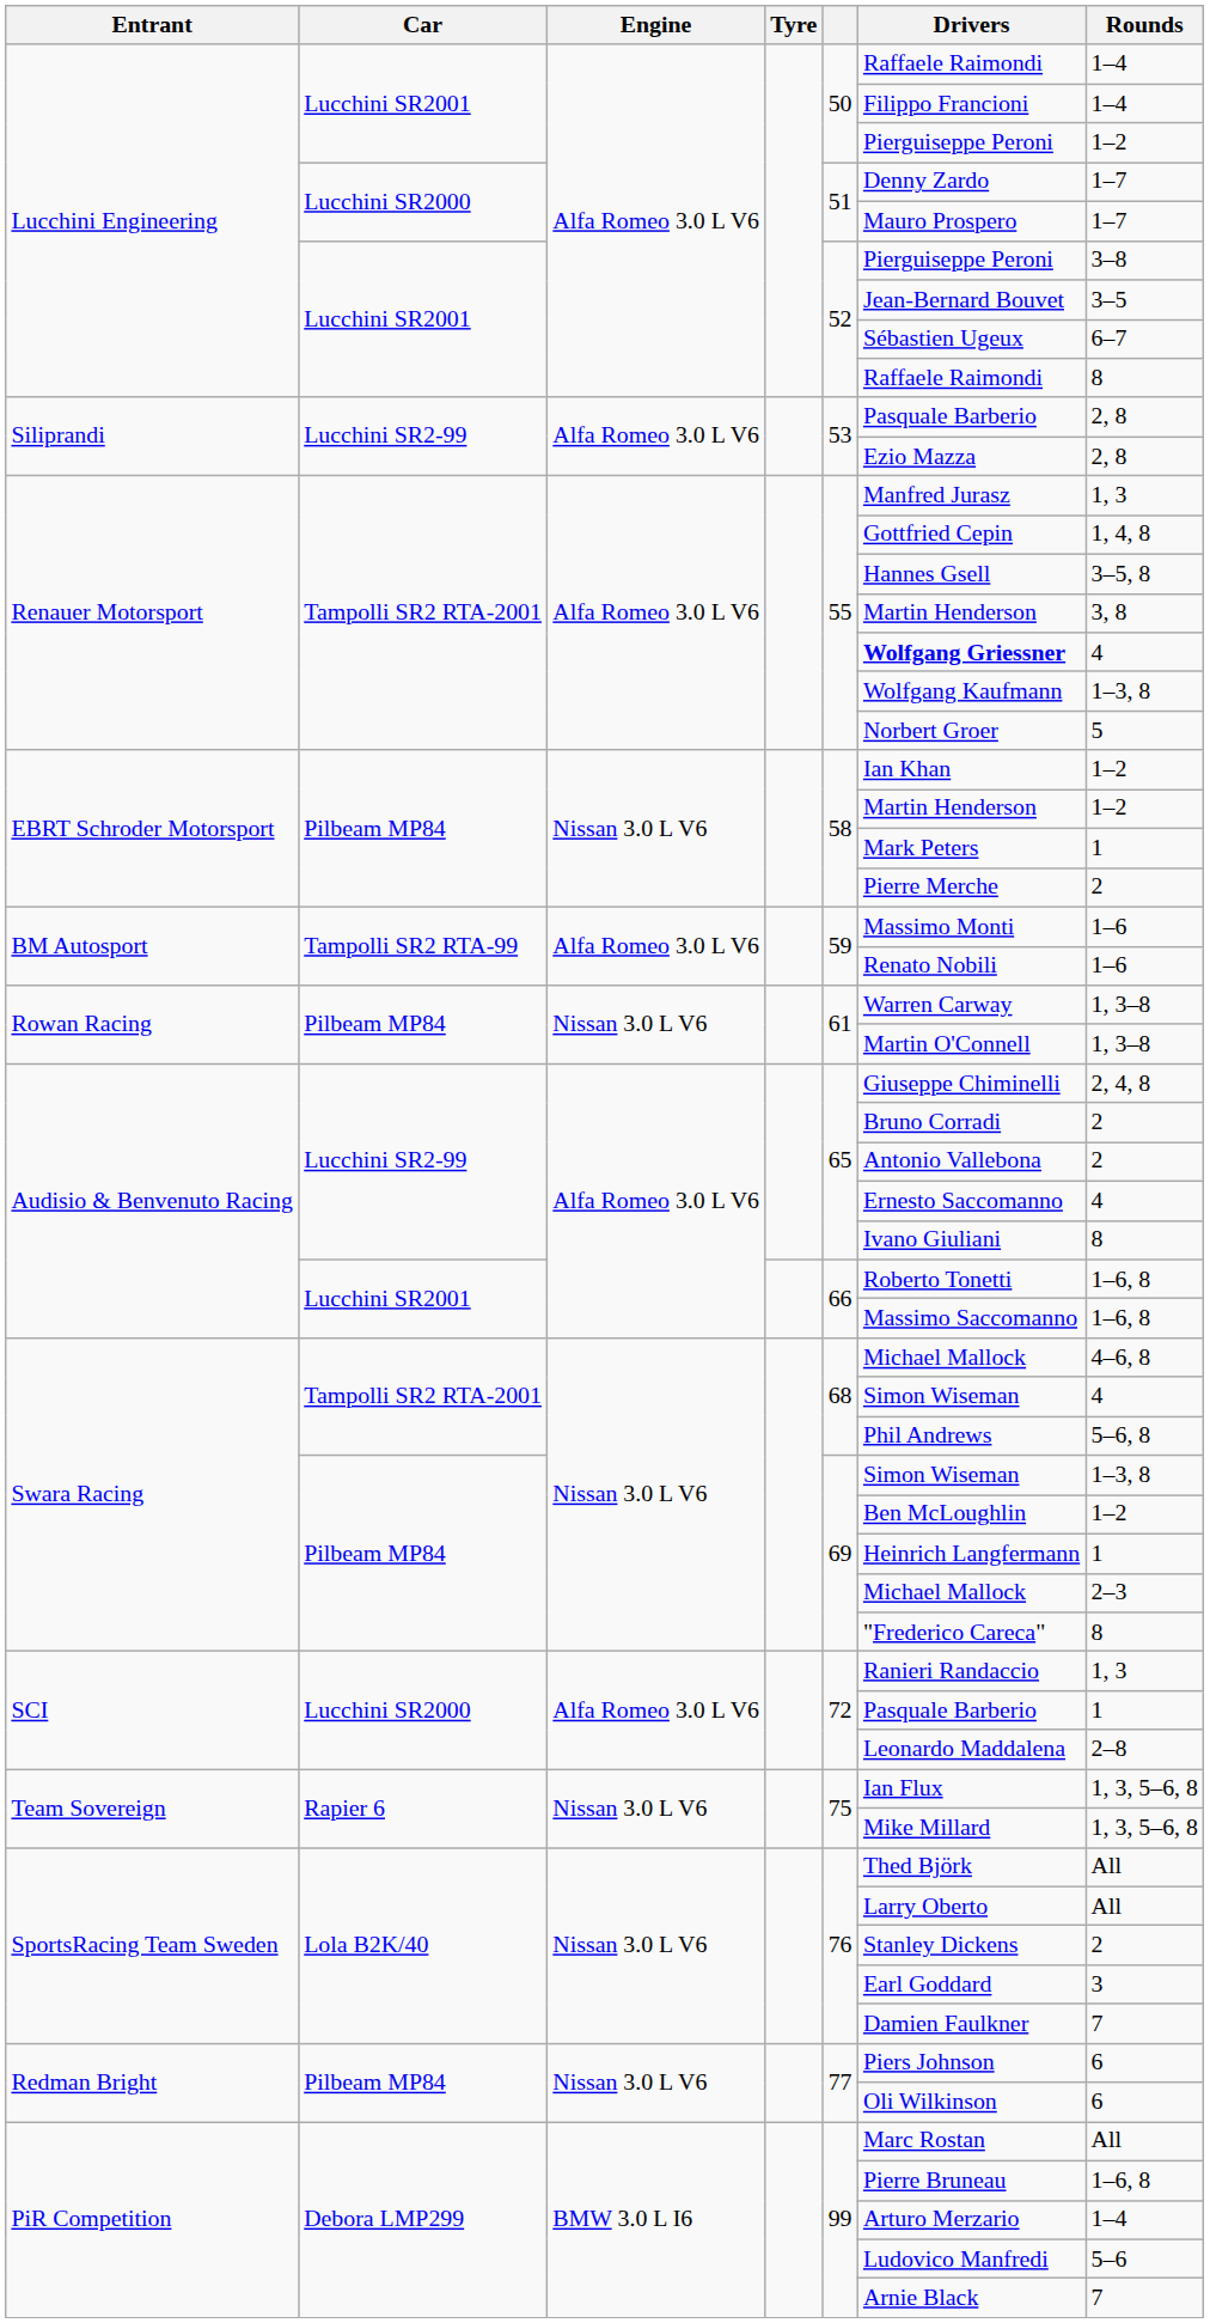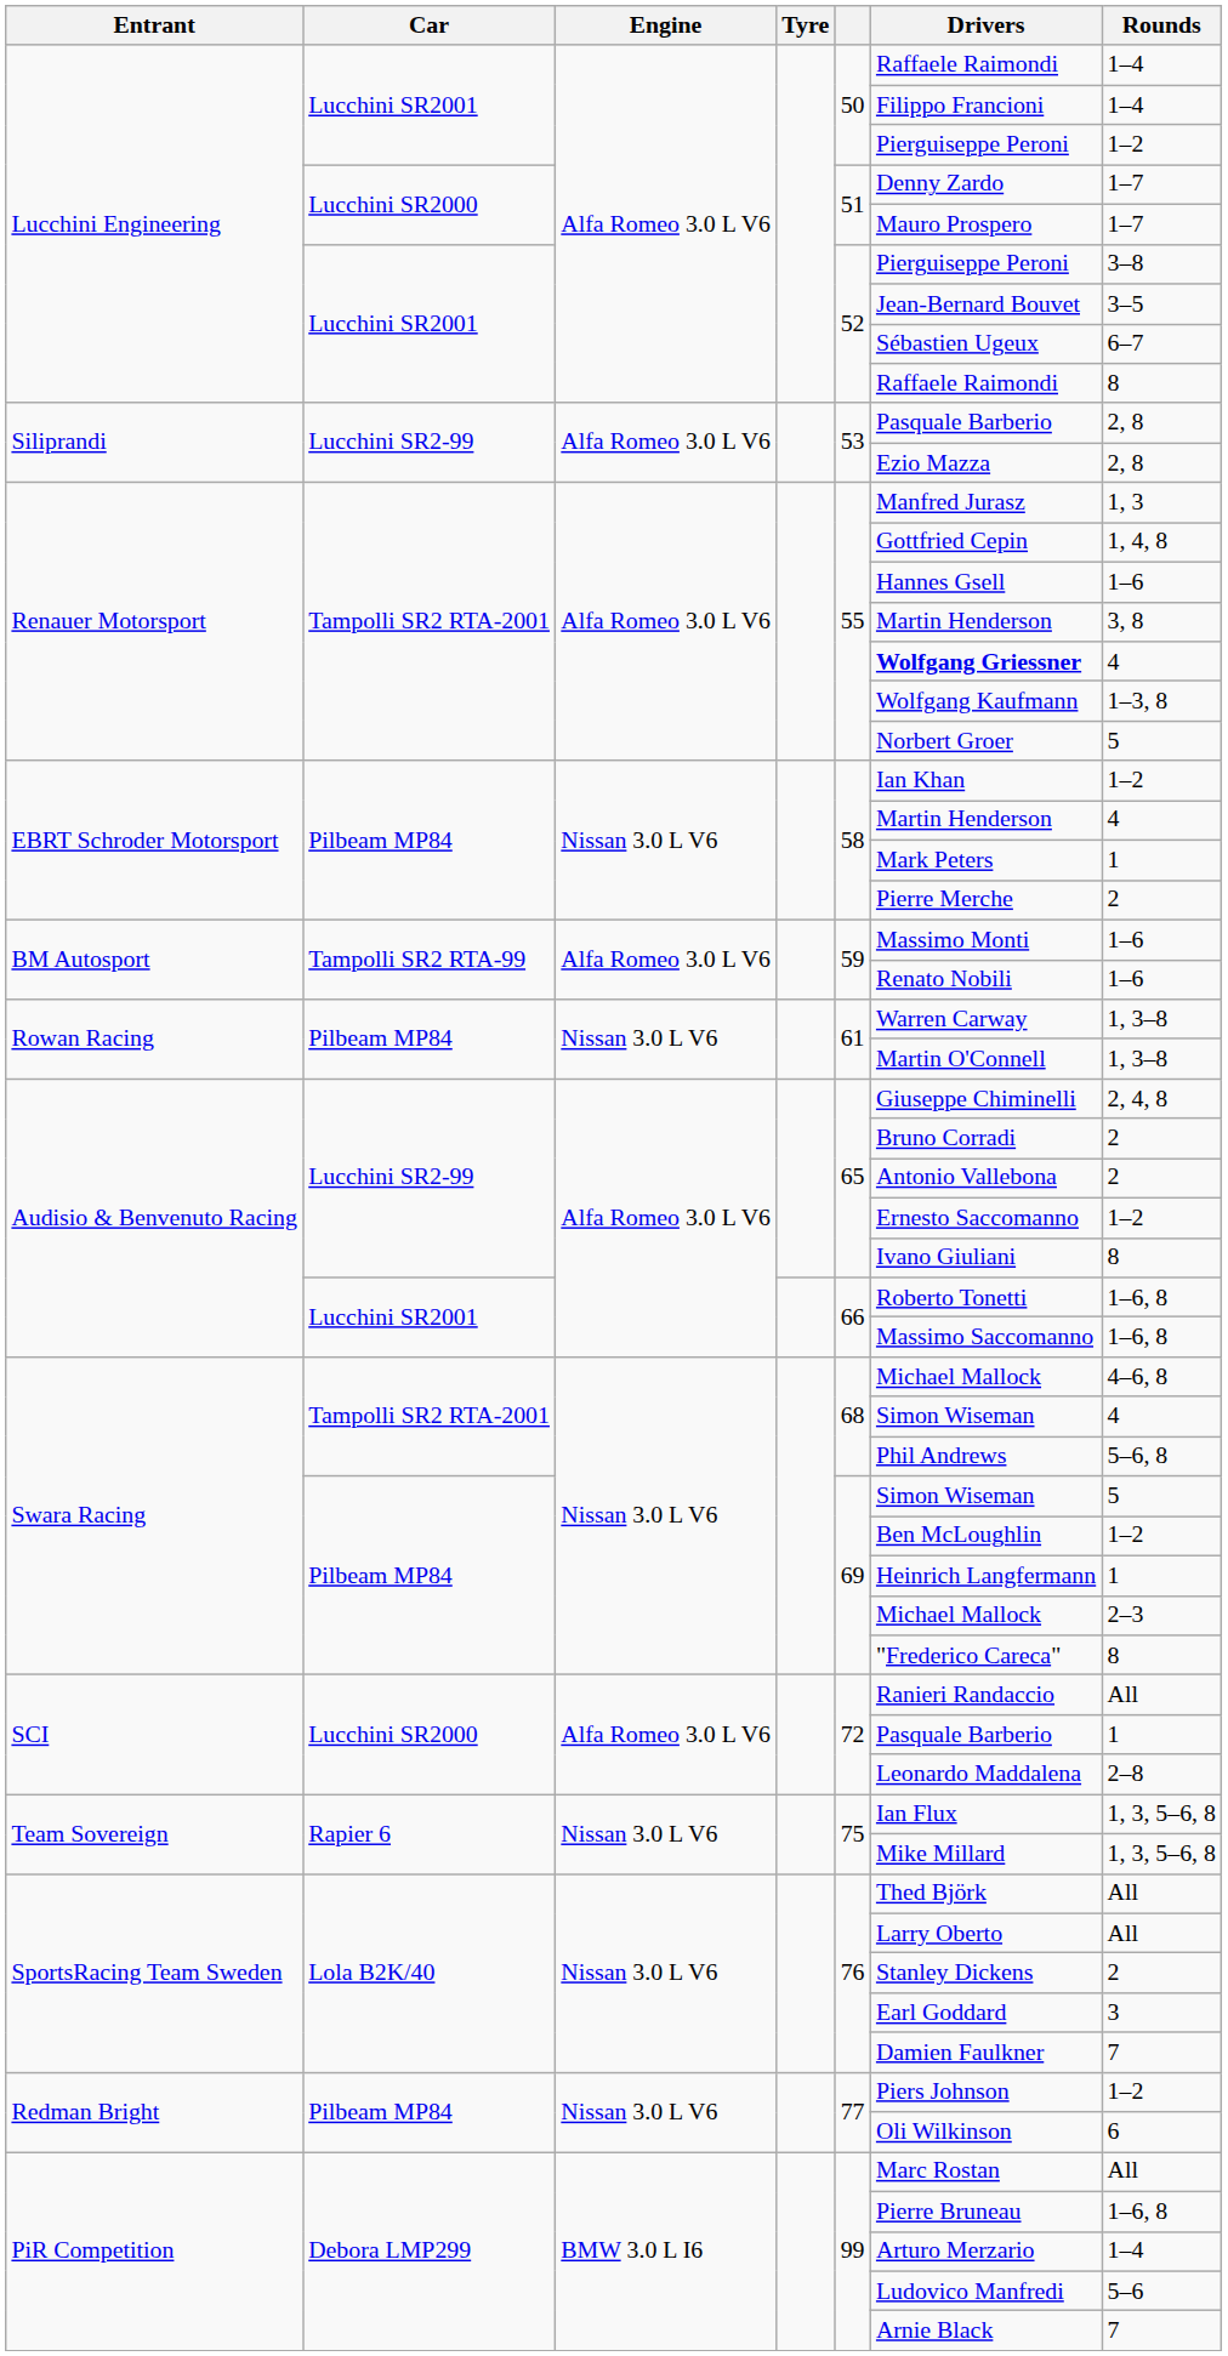 <table class="wikitable" style="font-size: 85%">
 <tr>
 <th>Entrant</th>
 <th>Car</th>
 <th>Engine</th>
 <th>Tyre</th>
 <th></th>
 <th>Drivers</th>
 <th>Rounds</th>
 </tr>
 <tr>
 <td rowspan=9> <a href='#'>Lucchini Engineering</a></td>
 <td rowspan=3><a href='#'>Lucchini SR2001</a></td>
 <td rowspan=9><a href='#'>Alfa Romeo</a> 3.0 L V6</td>
 <td rowspan=9></td>
 <td rowspan=3>50</td>
 <td> <a href='#'>Raffaele Raimondi</a></td>
 <td>1–4</td>
 </tr>
 <tr>
 <td> <a href='#'>Filippo Francioni</a></td>
 <td>1–4</td>
 </tr>
 <tr>
 <td> <a href='#'>Pierguiseppe Peroni</a></td>
 <td>1–2</td>
 </tr>
 <tr>
 <td rowspan=2><a href='#'>Lucchini SR2000</a></td>
 <td rowspan=2>51</td>
 <td> <a href='#'>Denny Zardo</a></td>
 <td>1–7</td>
 </tr>
 <tr>
 <td> <a href='#'>Mauro Prospero</a></td>
 <td>1–7</td>
 </tr>
 <tr>
 <td rowspan=4><a href='#'>Lucchini SR2001</a></td>
 <td rowspan=4>52</td>
 <td> <a href='#'>Pierguiseppe Peroni</a></td>
 <td>3–8</td>
 </tr>
 <tr>
 <td> <a href='#'>Jean-Bernard Bouvet</a></td>
 <td>3–5</td>
 </tr>
 <tr>
 <td> <a href='#'>Sébastien Ugeux</a></td>
 <td>6–7</td>
 </tr>
 <tr>
 <td> <a href='#'>Raffaele Raimondi</a></td>
 <td>8</td>
 </tr>
 <tr>
 <td rowspan=2> <a href='#'>Siliprandi</a></td>
 <td rowspan=2><a href='#'>Lucchini SR2-99</a></td>
 <td rowspan=2><a href='#'>Alfa Romeo</a> 3.0 L V6</td>
 <td rowspan=2></td>
 <td rowspan=2>53</td>
 <td> <a href='#'>Pasquale Barberio</a></td>
 <td>2, 8</td>
 </tr>
 <tr>
 <td> <a href='#'>Ezio Mazza</a></td>
 <td>2, 8</td>
 </tr>
 <tr>
 <td rowspan=7> <a href='#'>Renauer Motorsport</a></td>
 <td rowspan=7><a href='#'>Tampolli SR2 RTA-2001</a></td>
 <td rowspan=7><a href='#'>Alfa Romeo</a> 3.0 L V6</td>
 <td rowspan=7></td>
 <td rowspan=7>55</td>
 <td> <a href='#'>Manfred Jurasz</a></td>
 <td>1, 3</td>
 </tr>
 <tr>
 <td> <a href='#'>Gottfried Cepin</a></td>
 <td>1, 4, 8</td>
 </tr>
 <tr>
 <td> <a href='#'>Hannes Gsell</a></td>
-<td>3–5, 8</td>
+<td>1–6</td>
 </tr>
 <tr>
 <td> <a href='#'>Martin Henderson</a></td>
 <td>3, 8</td>
 </tr>
 <tr>
 <td><strong> <a href='#'>Wolfgang Griessner</a></strong></td>
 <td>4</td>
 </tr>
 <tr>
 <td> <a href='#'>Wolfgang Kaufmann</a></td>
 <td>1–3, 8</td>
 </tr>
 <tr>
 <td> <a href='#'>Norbert Groer</a></td>
 <td>5</td>
 </tr>
 <tr>
 <td rowspan=4> <a href='#'>EBRT Schroder Motorsport</a></td>
 <td rowspan=4><a href='#'>Pilbeam MP84</a></td>
 <td rowspan=4><a href='#'>Nissan</a> 3.0 L V6</td>
 <td rowspan=4></td>
 <td rowspan=4>58</td>
 <td> <a href='#'>Ian Khan</a></td>
 <td>1–2</td>
 </tr>
 <tr>
 <td> <a href='#'>Martin Henderson</a></td>
-<td>1–2</td>
+<td>4</td>
 </tr>
 <tr>
 <td> <a href='#'>Mark Peters</a></td>
 <td>1</td>
 </tr>
 <tr>
 <td> <a href='#'>Pierre Merche</a></td>
 <td>2</td>
 </tr>
 <tr>
 <td rowspan=2> <a href='#'>BM Autosport</a></td>
 <td rowspan=2><a href='#'>Tampolli SR2 RTA-99</a></td>
 <td rowspan=2><a href='#'>Alfa Romeo</a> 3.0 L V6</td>
 <td rowspan=2></td>
 <td rowspan=2>59</td>
 <td> <a href='#'>Massimo Monti</a></td>
 <td>1–6</td>
 </tr>
 <tr>
 <td> <a href='#'>Renato Nobili</a></td>
 <td>1–6</td>
 </tr>
 <tr>
 <td rowspan=2> <a href='#'>Rowan Racing</a></td>
 <td rowspan=2><a href='#'>Pilbeam MP84</a></td>
 <td rowspan=2><a href='#'>Nissan</a> 3.0 L V6</td>
 <td rowspan=2></td>
 <td rowspan=2>61</td>
 <td> <a href='#'>Warren Carway</a></td>
 <td>1, 3–8</td>
 </tr>
 <tr>
 <td> <a href='#'>Martin O'Connell</a></td>
 <td>1, 3–8</td>
 </tr>
 <tr>
 <td rowspan=7> <a href='#'>Audisio & Benvenuto Racing</a></td>
 <td rowspan=5><a href='#'>Lucchini SR2-99</a></td>
 <td rowspan=7><a href='#'>Alfa Romeo</a> 3.0 L V6</td>
 <td rowspan=5></td>
 <td rowspan=5>65</td>
 <td> <a href='#'>Giuseppe Chiminelli</a></td>
 <td>2, 4, 8</td>
 </tr>
 <tr>
 <td> <a href='#'>Bruno Corradi</a></td>
 <td>2</td>
 </tr>
 <tr>
 <td> <a href='#'>Antonio Vallebona</a></td>
 <td>2</td>
 </tr>
 <tr>
 <td> <a href='#'>Ernesto Saccomanno</a></td>
-<td>4</td>
+<td>1–2</td>
 </tr>
 <tr>
 <td> <a href='#'>Ivano Giuliani</a></td>
 <td>8</td>
 </tr>
 <tr>
 <td rowspan=2><a href='#'>Lucchini SR2001</a></td>
 <td rowspan=2></td>
 <td rowspan=2>66</td>
 <td> <a href='#'>Roberto Tonetti</a></td>
 <td>1–6, 8</td>
 </tr>
 <tr>
 <td> <a href='#'>Massimo Saccomanno</a></td>
 <td>1–6, 8</td>
 </tr>
 <tr>
 <td rowspan=8> <a href='#'>Swara Racing</a></td>
 <td rowspan=3><a href='#'>Tampolli SR2 RTA-2001</a></td>
 <td rowspan=8><a href='#'>Nissan</a> 3.0 L V6</td>
 <td rowspan=8></td>
 <td rowspan=3>68</td>
 <td> <a href='#'>Michael Mallock</a></td>
 <td>4–6, 8</td>
 </tr>
 <tr>
 <td> <a href='#'>Simon Wiseman</a></td>
 <td>4</td>
 </tr>
 <tr>
 <td> <a href='#'>Phil Andrews</a></td>
 <td>5–6, 8</td>
 </tr>
 <tr>
 <td rowspan=5><a href='#'>Pilbeam MP84</a></td>
 <td rowspan=5>69</td>
 <td> <a href='#'>Simon Wiseman</a></td>
-<td>1–3, 8</td>
+<td>5</td>
 </tr>
 <tr>
 <td> <a href='#'>Ben McLoughlin</a></td>
 <td>1–2</td>
 </tr>
 <tr>
 <td> <a href='#'>Heinrich Langfermann</a></td>
 <td>1</td>
 </tr>
 <tr>
 <td> <a href='#'>Michael Mallock</a></td>
 <td>2–3</td>
 </tr>
 <tr>
 <td> "<a href='#'>Frederico Careca</a>"</td>
 <td>8</td>
 </tr>
 <tr>
 <td rowspan=3> <a href='#'>SCI</a></td>
 <td rowspan=3><a href='#'>Lucchini SR2000</a></td>
 <td rowspan=3><a href='#'>Alfa Romeo</a> 3.0 L V6</td>
 <td rowspan=3></td>
 <td rowspan=3>72</td>
 <td> <a href='#'>Ranieri Randaccio</a></td>
-<td>1, 3</td>
+<td>All</td>
 </tr>
 <tr>
 <td> <a href='#'>Pasquale Barberio</a></td>
 <td>1</td>
 </tr>
 <tr>
 <td> <a href='#'>Leonardo Maddalena</a></td>
 <td>2–8</td>
 </tr>
 <tr>
 <td rowspan=2> <a href='#'>Team Sovereign</a></td>
 <td rowspan=2><a href='#'>Rapier 6</a></td>
 <td rowspan=2><a href='#'>Nissan</a> 3.0 L V6</td>
 <td rowspan=2></td>
 <td rowspan=2>75</td>
 <td> <a href='#'>Ian Flux</a></td>
 <td>1, 3, 5–6, 8</td>
 </tr>
 <tr>
 <td> <a href='#'>Mike Millard</a></td>
 <td>1, 3, 5–6, 8</td>
 </tr>
 <tr>
 <td rowspan=5> <a href='#'>SportsRacing Team Sweden</a></td>
 <td rowspan=5><a href='#'>Lola B2K/40</a></td>
 <td rowspan=5><a href='#'>Nissan</a> 3.0 L V6</td>
 <td rowspan=5></td>
 <td rowspan=5>76</td>
 <td> <a href='#'>Thed Björk</a></td>
 <td>All</td>
 </tr>
 <tr>
 <td> <a href='#'>Larry Oberto</a></td>
 <td>All</td>
 </tr>
 <tr>
 <td> <a href='#'>Stanley Dickens</a></td>
 <td>2</td>
 </tr>
 <tr>
 <td> <a href='#'>Earl Goddard</a></td>
 <td>3</td>
 </tr>
 <tr>
 <td> <a href='#'>Damien Faulkner</a></td>
 <td>7</td>
 </tr>
 <tr>
 <td rowspan=2> <a href='#'>Redman Bright</a></td>
 <td rowspan=2><a href='#'>Pilbeam MP84</a></td>
 <td rowspan=2><a href='#'>Nissan</a> 3.0 L V6</td>
 <td rowspan=2></td>
 <td rowspan=2>77</td>
 <td> <a href='#'>Piers Johnson</a></td>
-<td>6</td>
+<td>1–2</td>
 </tr>
 <tr>
 <td> <a href='#'>Oli Wilkinson</a></td>
 <td>6</td>
 </tr>
 <tr>
 <td rowspan=5> <a href='#'>PiR Competition</a></td>
 <td rowspan=5><a href='#'>Debora LMP299</a></td>
 <td rowspan=5><a href='#'>BMW</a> 3.0 L I6</td>
 <td rowspan=5></td>
 <td rowspan=5>99</td>
 <td> <a href='#'>Marc Rostan</a></td>
 <td>All</td>
 </tr>
 <tr>
 <td> <a href='#'>Pierre Bruneau</a></td>
 <td>1–6, 8</td>
 </tr>
 <tr>
 <td> <a href='#'>Arturo Merzario</a></td>
 <td>1–4</td>
 </tr>
 <tr>
 <td> <a href='#'>Ludovico Manfredi</a></td>
 <td>5–6</td>
 </tr>
 <tr>
 <td> <a href='#'>Arnie Black</a></td>
 <td>7</td>
 </tr>
 <tr>
 </tr>
 </table>
